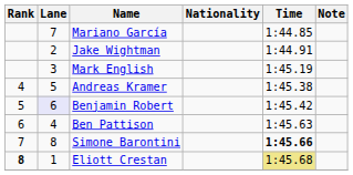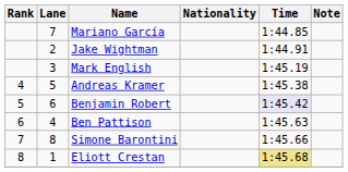 <table class="wikitable sortable" style="text-align:center">
 <tr>
 <th>Rank</th>
 <th>Lane</th>
 <th>Name</th>
 <th>Nationality</th>
 <th>Time</th>
 <th>Note</th>
 </tr>
 <tr>
 <td></td>
 <td>7</td>
 <td align=left><a href='#'>Mariano García</a></td>
 <td align=left></td>
 <td>1:44.85</td>
 <td></td>
 </tr>
 <tr>
 <td></td>
 <td>2</td>
 <td align=left><a href='#'>Jake Wightman</a></td>
 <td align=left></td>
 <td>1:44.91</td>
 <td></td>
 </tr>
 <tr>
 <td></td>
 <td>3</td>
 <td align=left><a href='#'>Mark English</a></td>
 <td align=left></td>
 <td>1:45.19</td>
 <td></td>
 </tr>
 <tr>
 <td>4</td>
 <td>5</td>
 <td align=left><a href='#'>Andreas Kramer</a></td>
 <td align=left></td>
 <td>1:45.38</td>
 <td></td>
 </tr>
 <tr>
 <td>5</td>
-<td style="background: lavender;">6</td>
+<td>6</td>
 <td align=left><a href='#'>Benjamin Robert</a></td>
 <td align=left></td>
-<td>1:45.42</td>
+<td style="background: lavender;">1:45.42</td>
 <td></td>
 </tr>
 <tr>
 <td>6</td>
 <td>4</td>
 <td align=left><a href='#'>Ben Pattison</a></td>
 <td align=left></td>
 <td>1:45.63</td>
 <td></td>
 </tr>
 <tr>
 <td>7</td>
 <td>8</td>
 <td align=left><a href='#'>Simone Barontini</a></td>
 <td align=left></td>
-<td><strong>1:45.66</strong></td>
+<td>1:45.66</td>
 <td></td>
 </tr>
 <tr>
-<td><strong>8</strong></td>
+<td>8</td>
 <td>1</td>
 <td align=left><a href='#'>Eliott Crestan</a></td>
 <td align=left></td>
 <td style="background: khaki;">1:45.68</td>
 <td></td>
 </tr>
 <tr>
 </tr>
 </table>
